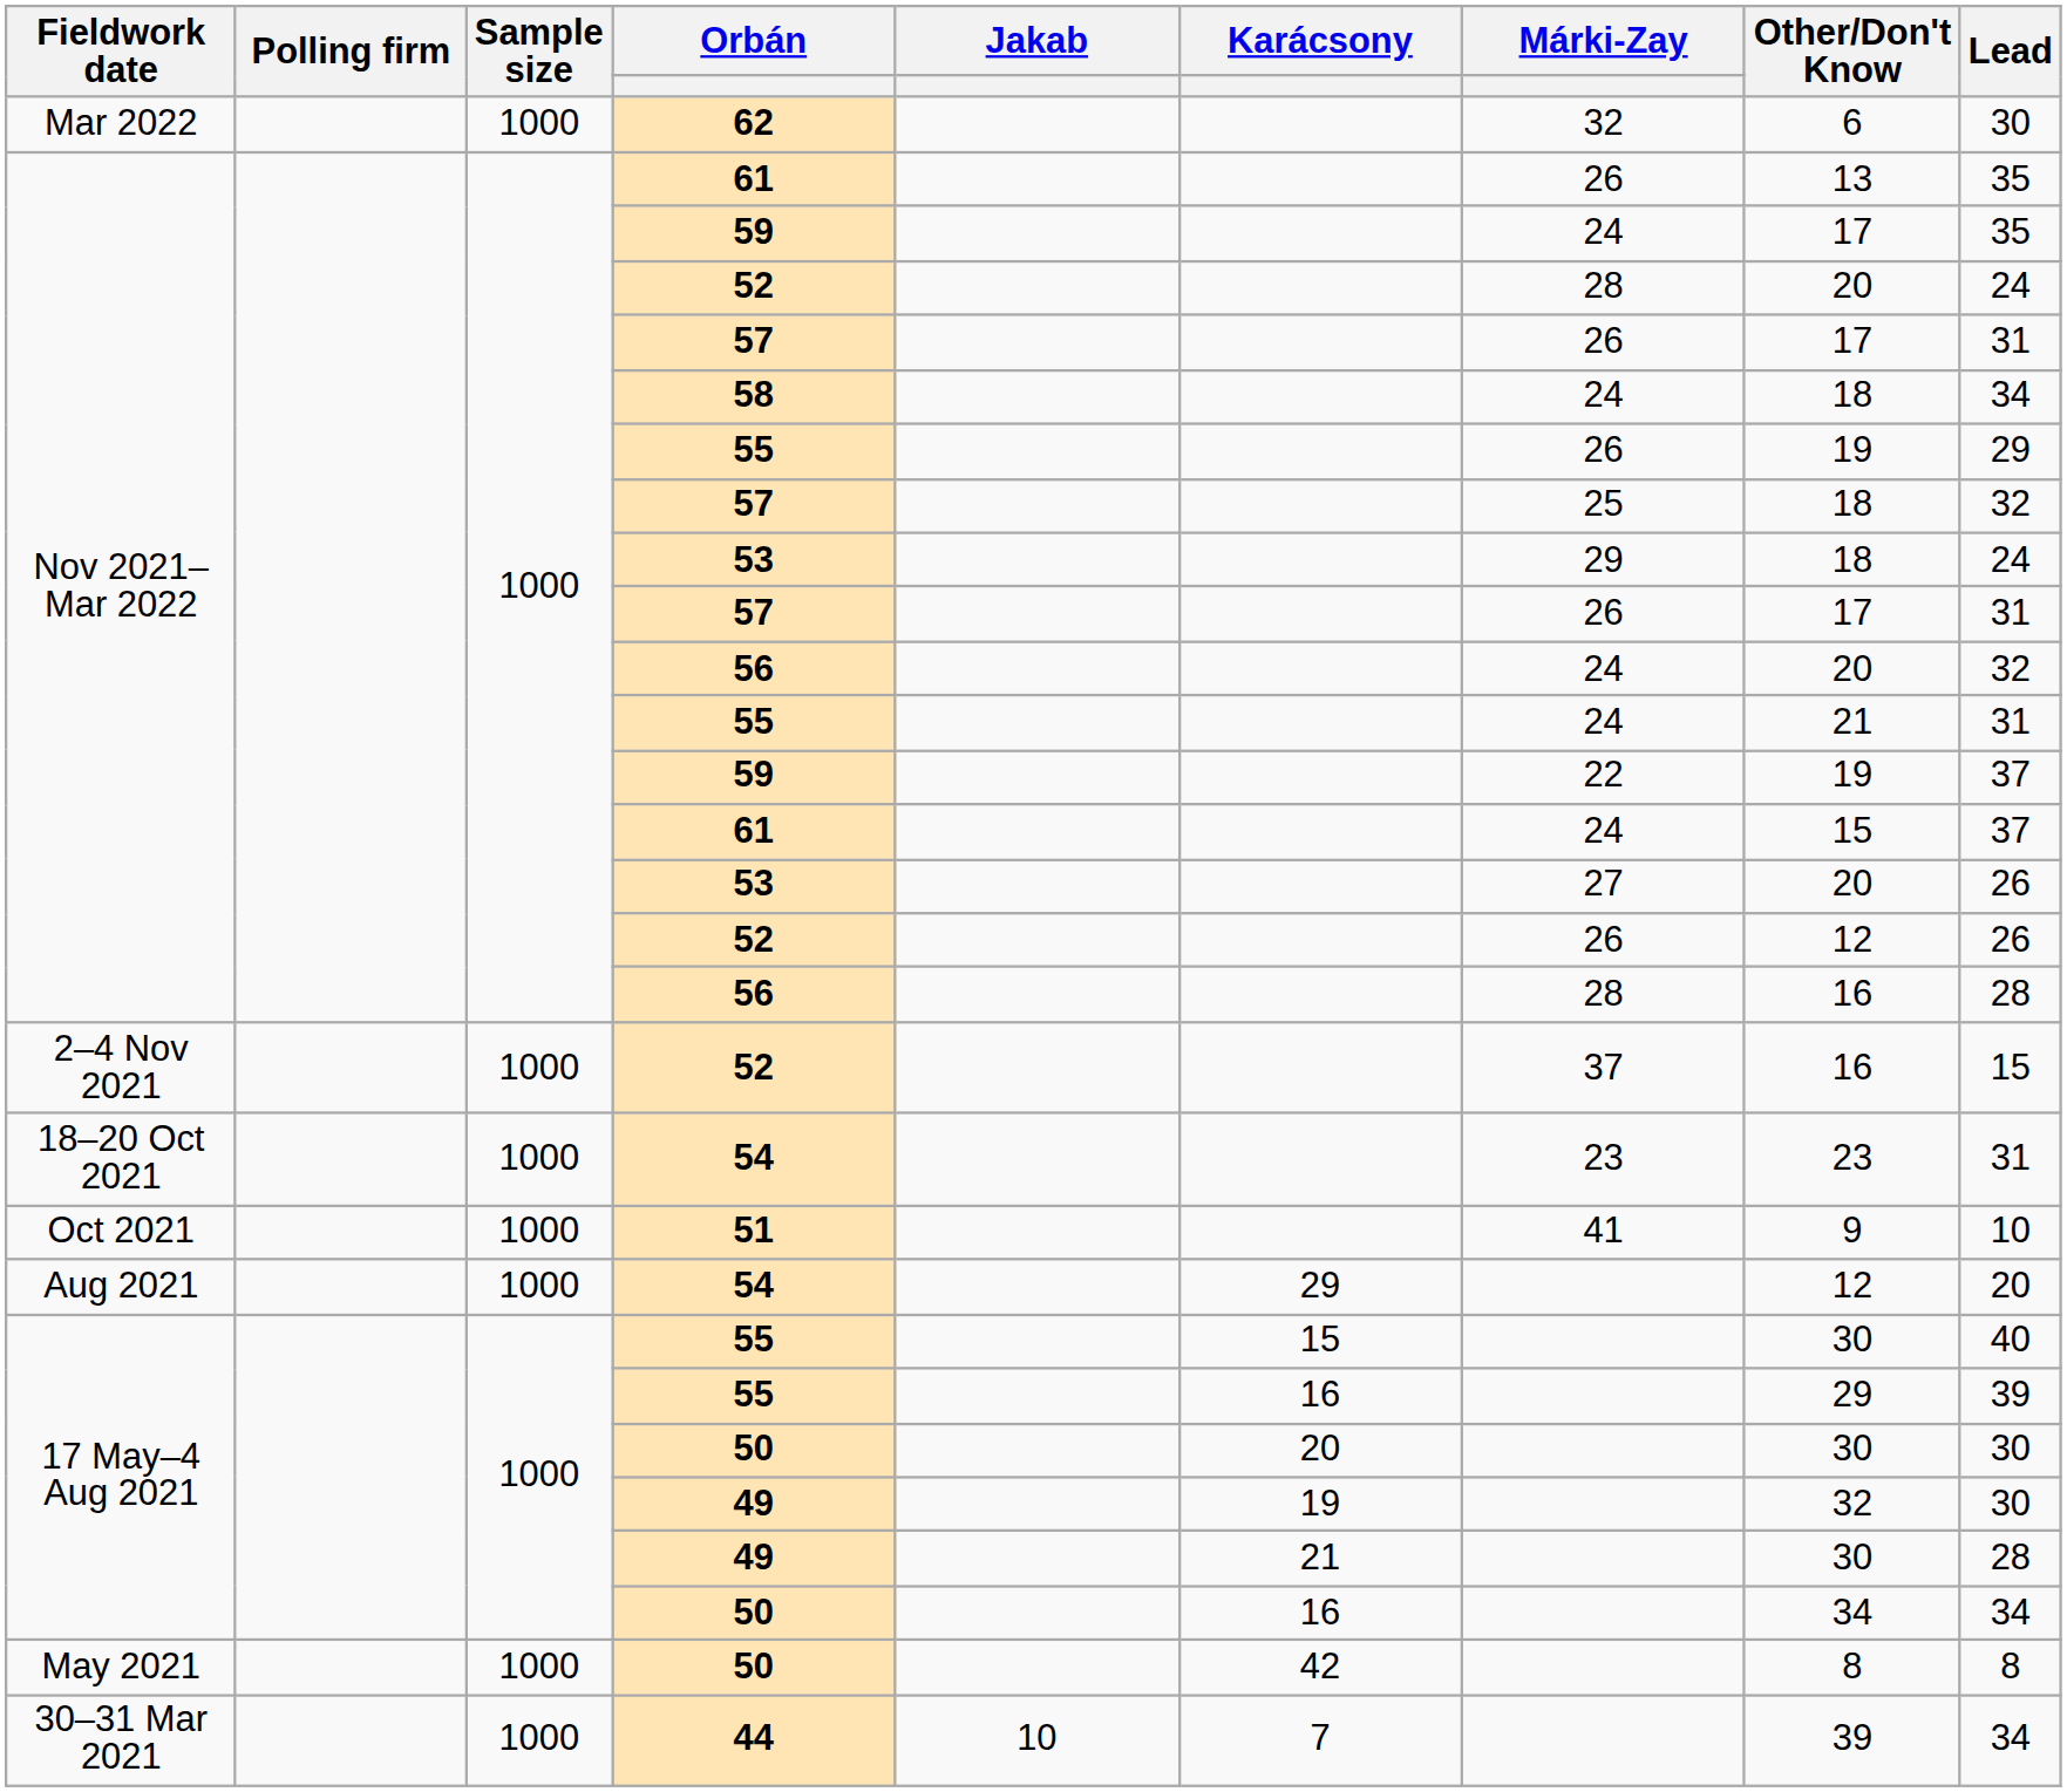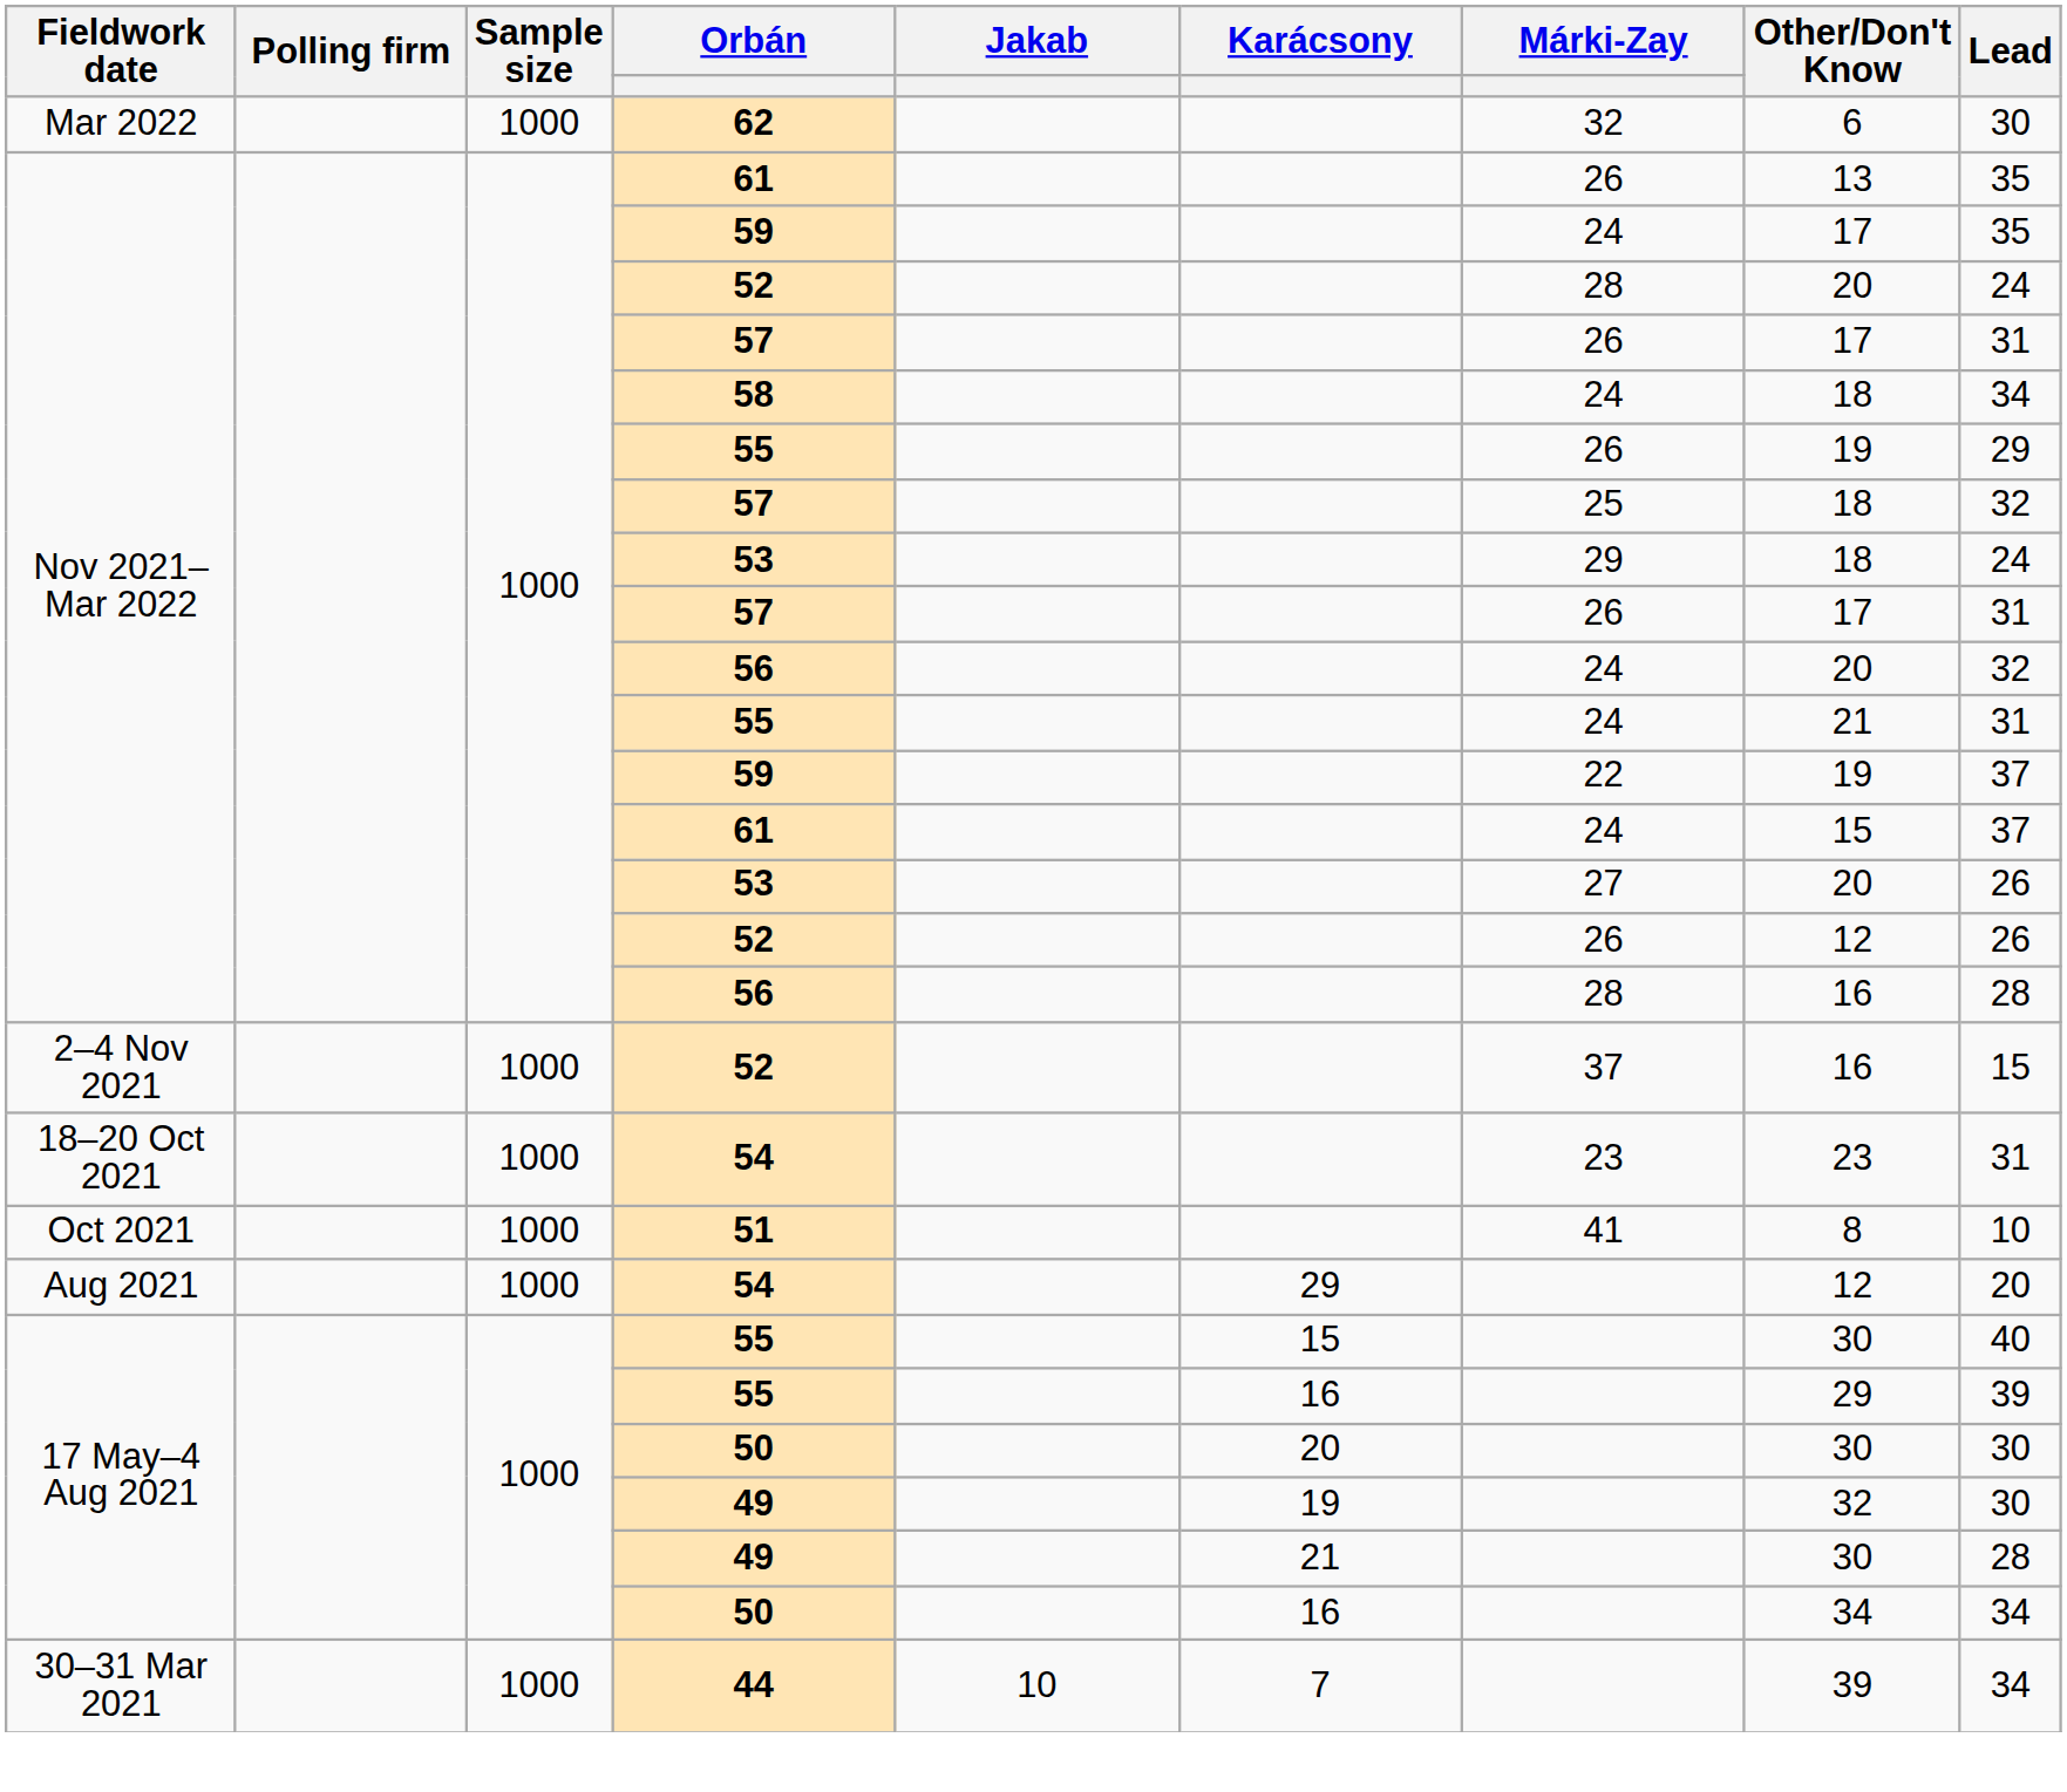 <table class="wikitable collapsible sortable" style="text-align:center;font-size:85%;line-height:14px">
 <tr>
 <th style="width:80px;" rowspan="2">Fieldwork date</th>
 <th style="width:80px;" rowspan="2">Polling firm</th>
 <th style="width:20px;" rowspan="2">Sample size</th>
 <th style="width:100px;" class="unsortable"><a href='#'>Orbán</a></th>
 <th style="width:100px;" class="unsortable"><a href='#'>Jakab</a></th>
 <th style="width:100px;" class="unsortable"><a href='#'>Karácsony</a></th>
 <th style="width:100px;" class="unsortable"><a href='#'>Márki-Zay</a></th>
 <th style="width:20px;" rowspan="2" class="unsortable">Other/Don't Know</th>
 <th class="unsortable" style="width:20px;" rowspan="2">Lead</th>
 </tr>
 <tr>
 <th class="unsortable" style="color:inherit;background:"></th>
 <th class="unsortable" style="color:inherit;background:"></th>
 <th class="unsortable" style="color:inherit;background:"></th>
 <th class="unsortable" style="color:inherit;background:"></th>
 </tr>
 <tr>
 <td>Mar 2022</td>
 <td></td>
 <td>1000</td>
 <td style="background:#FFE5B4"><strong>62</strong></td>
 <td></td>
 <td></td>
 <td>32</td>
 <td>6</td>
 <td style="background:">30</td>
 </tr>
 <tr>
 <td rowspan="16">Nov 2021–Mar 2022</td>
 <td rowspan="16"></td>
 <td rowspan="16">1000</td>
 <td style="background:#FFE5B4"><strong>61</strong></td>
 <td></td>
 <td></td>
 <td>26</td>
 <td>13</td>
 <td style="background:">35</td>
 </tr>
 <tr>
 <td style="background:#FFE5B4"><strong>59</strong></td>
 <td></td>
 <td></td>
 <td>24</td>
 <td>17</td>
 <td style="background:">35</td>
 </tr>
 <tr>
 <td style="background:#FFE5B4"><strong>52</strong></td>
 <td></td>
 <td></td>
 <td>28</td>
 <td>20</td>
 <td style="background:">24</td>
 </tr>
 <tr>
 <td style="background:#FFE5B4"><strong>57</strong></td>
 <td></td>
 <td></td>
 <td>26</td>
 <td>17</td>
 <td style="background:">31</td>
 </tr>
 <tr>
 <td style="background:#FFE5B4"><strong>58</strong></td>
 <td></td>
 <td></td>
 <td>24</td>
 <td>18</td>
 <td style="background:">34</td>
 </tr>
 <tr>
 <td style="background:#FFE5B4"><strong>55</strong></td>
 <td></td>
 <td></td>
 <td>26</td>
 <td>19</td>
 <td style="background:">29</td>
 </tr>
 <tr>
 <td style="background:#FFE5B4"><strong>57</strong></td>
 <td></td>
 <td></td>
 <td>25</td>
 <td>18</td>
 <td style="background:">32</td>
 </tr>
 <tr>
 <td style="background:#FFE5B4"><strong>53</strong></td>
 <td></td>
 <td></td>
 <td>29</td>
 <td>18</td>
 <td style="background:">24</td>
 </tr>
 <tr>
 <td style="background:#FFE5B4"><strong>57</strong></td>
 <td></td>
 <td></td>
 <td>26</td>
 <td>17</td>
 <td style="background:">31</td>
 </tr>
 <tr>
 <td style="background:#FFE5B4"><strong>56</strong></td>
 <td></td>
 <td></td>
 <td>24</td>
 <td>20</td>
 <td style="background:">32</td>
 </tr>
 <tr>
 <td style="background:#FFE5B4"><strong>55</strong></td>
 <td></td>
 <td></td>
 <td>24</td>
 <td>21</td>
 <td style="background:">31</td>
 </tr>
 <tr>
 <td style="background:#FFE5B4"><strong>59</strong></td>
 <td></td>
 <td></td>
 <td>22</td>
 <td>19</td>
 <td style="background:">37</td>
 </tr>
 <tr>
 <td style="background:#FFE5B4"><strong>61</strong></td>
 <td></td>
 <td></td>
 <td>24</td>
 <td>15</td>
 <td style="background:">37</td>
 </tr>
 <tr>
 <td style="background:#FFE5B4"><strong>53</strong></td>
 <td></td>
 <td></td>
 <td>27</td>
 <td>20</td>
 <td style="background:">26</td>
 </tr>
 <tr>
 <td style="background:#FFE5B4"><strong>52</strong></td>
 <td></td>
 <td></td>
 <td>26</td>
 <td>12</td>
 <td style="background:">26</td>
 </tr>
 <tr>
 <td style="background:#FFE5B4"><strong>56</strong></td>
 <td></td>
 <td></td>
 <td>28</td>
 <td>16</td>
 <td style="background:">28</td>
 </tr>
 <tr>
 <td>2–4 Nov 2021</td>
 <td></td>
 <td>1000</td>
 <td style="background:#FFE5B4"><strong>52</strong></td>
 <td></td>
 <td></td>
 <td>37</td>
 <td>16</td>
 <td style="background:">15</td>
 </tr>
 <tr>
 <td>18–20 Oct 2021</td>
 <td></td>
 <td>1000</td>
 <td style="background:#FFE5B4"><strong>54</strong></td>
 <td></td>
 <td></td>
 <td>23</td>
 <td>23</td>
 <td style="background:">31</td>
 </tr>
 <tr>
 <td>Oct 2021</td>
 <td></td>
 <td>1000</td>
 <td style="background:#FFE5B4"><strong>51</strong></td>
 <td></td>
 <td></td>
 <td>41</td>
-<td>9</td>
+<td>8</td>
 <td style="background:">10</td>
 </tr>
 <tr>
 <td>Aug 2021</td>
 <td></td>
 <td>1000</td>
 <td style="background:#FFE5B4"><strong>54</strong></td>
 <td></td>
 <td>29</td>
 <td></td>
 <td>12</td>
 <td style="background:">20</td>
 </tr>
 <tr>
 <td rowspan="6">17 May–4 Aug 2021</td>
 <td rowspan="6"></td>
 <td rowspan="6">1000</td>
 <td style="background:#FFE5B4"><strong>55</strong></td>
 <td></td>
 <td>15</td>
 <td></td>
 <td>30</td>
 <td style="background:">40</td>
 </tr>
 <tr>
 <td style="background:#FFE5B4"><strong>55</strong></td>
 <td></td>
 <td>16</td>
 <td></td>
 <td>29</td>
 <td style="background:">39</td>
 </tr>
 <tr>
 <td style="background:#FFE5B4"><strong>50</strong></td>
 <td></td>
 <td>20</td>
 <td></td>
 <td>30</td>
 <td style="background:">30</td>
 </tr>
 <tr>
 <td style="background:#FFE5B4"><strong>49</strong></td>
 <td></td>
 <td>19</td>
 <td></td>
 <td>32</td>
 <td style="background:">30</td>
 </tr>
 <tr>
 <td style="background:#FFE5B4"><strong>49</strong></td>
 <td></td>
 <td>21</td>
 <td></td>
 <td>30</td>
 <td style="background:">28</td>
 </tr>
 <tr>
 <td style="background:#FFE5B4"><strong>50</strong></td>
 <td></td>
 <td>16</td>
 <td></td>
 <td>34</td>
 <td style="background:">34</td>
 </tr>
 <tr>
-<td>May 2021</td>
-<td></td>
-<td>1000</td>
-<td style="background:#FFE5B4"><strong>50</strong></td>
-<td></td>
-<td>42</td>
-<td></td>
-<td>8</td>
-<td style="background:">8</td>
-</tr>
-<tr>
 <td>30–31 Mar 2021</td>
 <td></td>
 <td>1000</td>
 <td style="background:#FFE5B4"><strong>44</strong></td>
 <td>10</td>
 <td>7</td>
 <td></td>
 <td>39</td>
 <td style="background:">34</td>
 </tr>
 </table>
